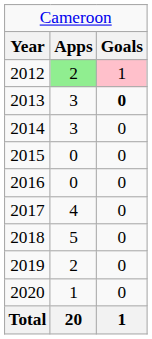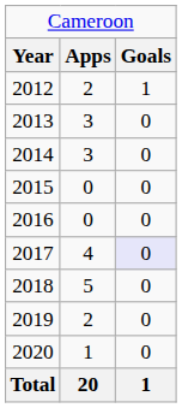 <table class="wikitable" style="text-align:center">
 <tr>
 <td colspan="3"><a href='#'>Cameroon</a></td>
 </tr>
 <tr>
 <th>Year</th>
 <th>Apps</th>
 <th>Goals</th>
 </tr>
 <tr>
 <td>2012</td>
-<td style="background: lightgreen;">2</td>
-<td style="background: pink;">1</td>
+<td>2</td>
+<td>1</td>
 </tr>
 <tr>
 <td>2013</td>
 <td>3</td>
-<td><strong>0</strong></td>
+<td>0</td>
 </tr>
 <tr>
 <td>2014</td>
 <td>3</td>
 <td>0</td>
 </tr>
 <tr>
 <td>2015</td>
 <td>0</td>
 <td>0</td>
 </tr>
 <tr>
 <td>2016</td>
 <td>0</td>
 <td>0</td>
 </tr>
 <tr>
 <td>2017</td>
 <td>4</td>
-<td>0</td>
+<td style="background: lavender;">0</td>
 </tr>
 <tr>
 <td>2018</td>
 <td>5</td>
 <td>0</td>
 </tr>
 <tr>
 <td>2019</td>
 <td>2</td>
 <td>0</td>
 </tr>
 <tr>
 <td>2020</td>
 <td>1</td>
 <td>0</td>
 </tr>
 <tr>
 <th>Total</th>
 <th>20</th>
 <th>1</th>
 </tr>
 </table>
